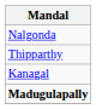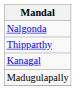 <table class="wikitable sortable static-row-numbers static-row-header-hash">
 <tr>
 <th>Mandal</th>
 </tr>
 <tr>
 <td><a href='#'>Nalgonda</a></td>
 </tr>
 <tr>
 <td><a href='#'>Thipparthy</a></td>
 </tr>
 <tr>
 <td><a href='#'>Kanagal</a></td>
 </tr>
 <tr>
-<td><strong>Madugulapally</strong></td>
+<td>Madugulapally</td>
 </tr>
 <tr>
 </tr>
 </table>
